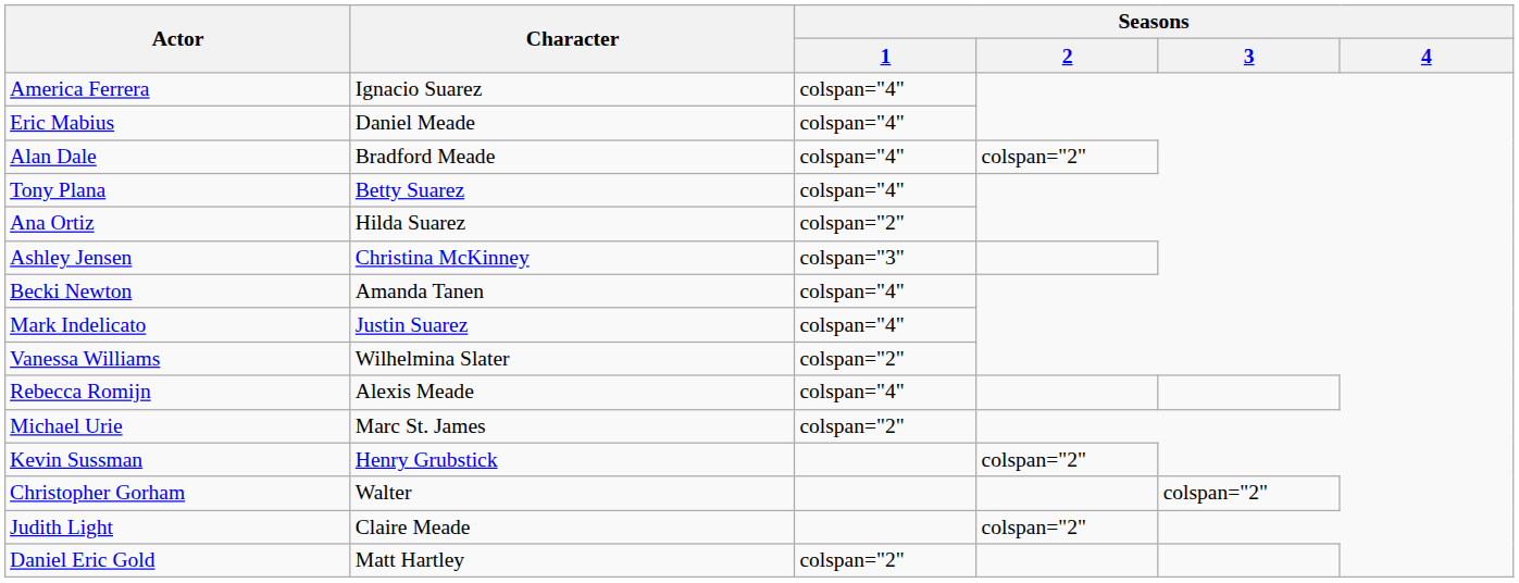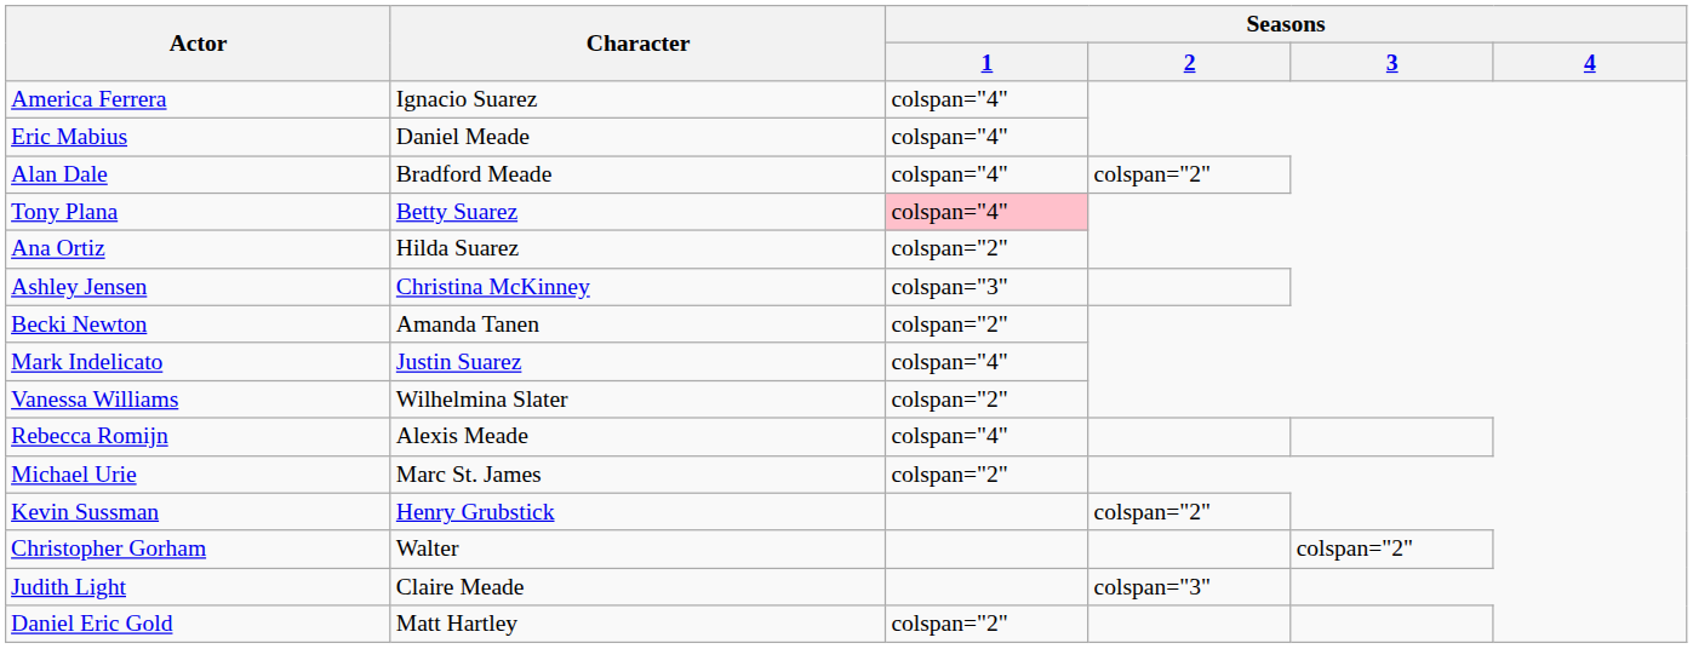 <table class="wikitable" width="90%">
 <tr>
 <th rowspan="2" width="14%">Actor</th>
 <th rowspan="2" width="18%">Character</th>
 <th colspan="4" width="68%">Seasons</th>
 </tr>
 <tr>
 <th width="7%" scope="col"><a href='#'>1</a></th>
 <th width="7%" scope="col"><a href='#'>2</a></th>
 <th width="7%" scope="col"><a href='#'>3</a></th>
 <th width="7%" scope="col"><a href='#'>4</a></th>
 </tr>
 <tr>
 <td><a href='#'>America Ferrera</a></td>
 <td>Ignacio Suarez</td>
 <td>colspan="4" </td>
 </tr>
 <tr>
 <td><a href='#'>Eric Mabius</a></td>
 <td>Daniel Meade</td>
 <td>colspan="4" </td>
 </tr>
 <tr>
 <td><a href='#'>Alan Dale</a></td>
 <td>Bradford Meade</td>
 <td>colspan="4" </td>
 <td>colspan="2" </td>
 </tr>
 <tr>
 <td><a href='#'>Tony Plana</a></td>
 <td><a href='#'>Betty Suarez</a></td>
-<td>colspan="4" </td>
+<td style="background: pink;">colspan="4" </td>
 </tr>
 <tr>
 <td><a href='#'>Ana Ortiz</a></td>
 <td>Hilda Suarez</td>
 <td>colspan="2" </td>
 </tr>
 <tr>
 <td><a href='#'>Ashley Jensen</a></td>
 <td><a href='#'>Christina McKinney</a></td>
 <td>colspan="3" </td>
 <td></td>
 </tr>
 <tr>
 <td><a href='#'>Becki Newton</a></td>
 <td>Amanda Tanen</td>
-<td>colspan="4" </td>
+<td>colspan="2" </td>
 </tr>
 <tr>
 <td><a href='#'>Mark Indelicato</a></td>
 <td><a href='#'>Justin Suarez</a></td>
 <td>colspan="4" </td>
 </tr>
 <tr>
 <td><a href='#'>Vanessa Williams</a></td>
 <td>Wilhelmina Slater</td>
 <td>colspan="2" </td>
 </tr>
 <tr>
 <td><a href='#'>Rebecca Romijn</a></td>
 <td>Alexis Meade</td>
 <td>colspan="4" </td>
 <td></td>
 <td></td>
 </tr>
 <tr>
 <td><a href='#'>Michael Urie</a></td>
 <td>Marc St. James</td>
 <td>colspan="2" </td>
 </tr>
 <tr>
 <td><a href='#'>Kevin Sussman</a></td>
 <td><a href='#'>Henry Grubstick</a></td>
 <td></td>
 <td>colspan="2" </td>
 </tr>
 <tr>
 <td><a href='#'>Christopher Gorham</a></td>
 <td>Walter</td>
 <td></td>
 <td></td>
 <td>colspan="2" </td>
 </tr>
 <tr>
 <td><a href='#'>Judith Light</a></td>
 <td>Claire Meade</td>
 <td></td>
-<td>colspan="2" </td>
+<td>colspan="3" </td>
 </tr>
 <tr>
 <td><a href='#'>Daniel Eric Gold</a></td>
 <td>Matt Hartley</td>
 <td>colspan="2" </td>
 <td></td>
 <td></td>
 </tr>
 </table>
